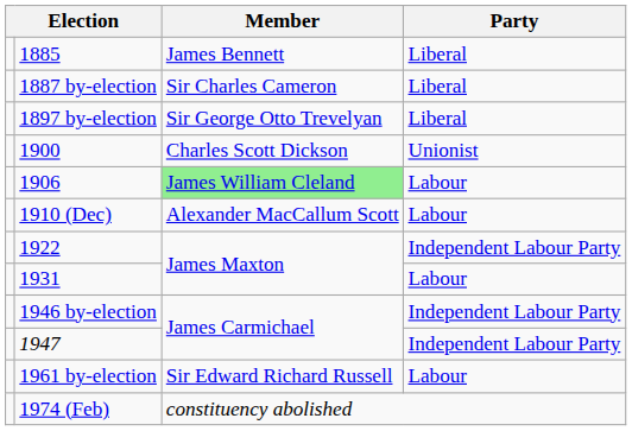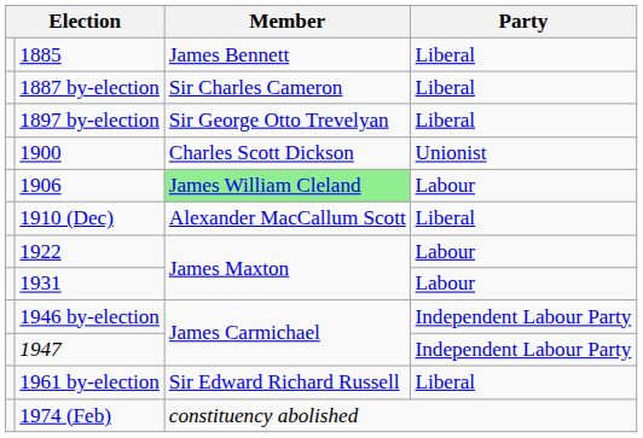 <table class="wikitable">
 <tr>
 <th colspan="2">Election</th>
 <th>Member</th>
 <th>Party</th>
 </tr>
 <tr>
 <td style="color:inherit;background-color: "></td>
 <td><a href='#'>1885</a></td>
 <td><a href='#'>James Bennett</a></td>
 <td><a href='#'>Liberal</a></td>
 </tr>
 <tr>
 <td style="color:inherit;background-color: "></td>
 <td><a href='#'>1887 by-election</a></td>
 <td><a href='#'>Sir Charles Cameron</a></td>
 <td><a href='#'>Liberal</a></td>
 </tr>
 <tr>
 <td style="color:inherit;background-color: "></td>
 <td><a href='#'>1897 by-election</a></td>
 <td><a href='#'>Sir George Otto Trevelyan</a></td>
 <td><a href='#'>Liberal</a></td>
 </tr>
 <tr>
 <td style="color:inherit;background-color: "></td>
 <td><a href='#'>1900</a></td>
 <td><a href='#'>Charles Scott Dickson</a></td>
 <td><a href='#'>Unionist</a></td>
 </tr>
 <tr>
 <td style="color:inherit;background-color: "></td>
 <td><a href='#'>1906</a></td>
 <td style="background: lightgreen;"><a href='#'>James William Cleland</a></td>
 <td><a href='#'>Labour</a></td>
 </tr>
 <tr>
 <td style="color:inherit;background-color: "></td>
 <td><a href='#'>1910 (Dec)</a></td>
 <td><a href='#'>Alexander MacCallum Scott</a></td>
-<td><a href='#'>Labour</a></td>
+<td><a href='#'>Liberal</a></td>
 </tr>
 <tr>
 <td style="color:inherit;background-color: "></td>
 <td><a href='#'>1922</a></td>
 <td rowspan=2><a href='#'>James Maxton</a></td>
-<td><a href='#'>Independent Labour Party</a></td>
+<td><a href='#'>Labour</a></td>
 </tr>
 <tr>
 <td style="color:inherit;background-color: "></td>
 <td><a href='#'>1931</a></td>
 <td><a href='#'>Labour</a></td>
 </tr>
 <tr>
 <td style="color:inherit;background-color: "></td>
 <td><a href='#'>1946 by-election</a></td>
 <td rowspan="2"><a href='#'>James Carmichael</a></td>
 <td><a href='#'>Independent Labour Party</a></td>
 </tr>
 <tr>
 <td style="color:inherit;background-color: "></td>
 <td><em>1947</em></td>
 <td><a href='#'>Independent Labour Party</a></td>
 </tr>
 <tr>
 <td style="color:inherit;background-color: "></td>
 <td><a href='#'>1961 by-election</a></td>
 <td><a href='#'>Sir Edward Richard Russell</a></td>
-<td><a href='#'>Labour</a></td>
+<td><a href='#'>Liberal</a></td>
 </tr>
 <tr>
 <td></td>
 <td><a href='#'>1974 (Feb)</a></td>
 <td colspan="2"><em>constituency abolished</em></td>
 </tr>
 </table>
